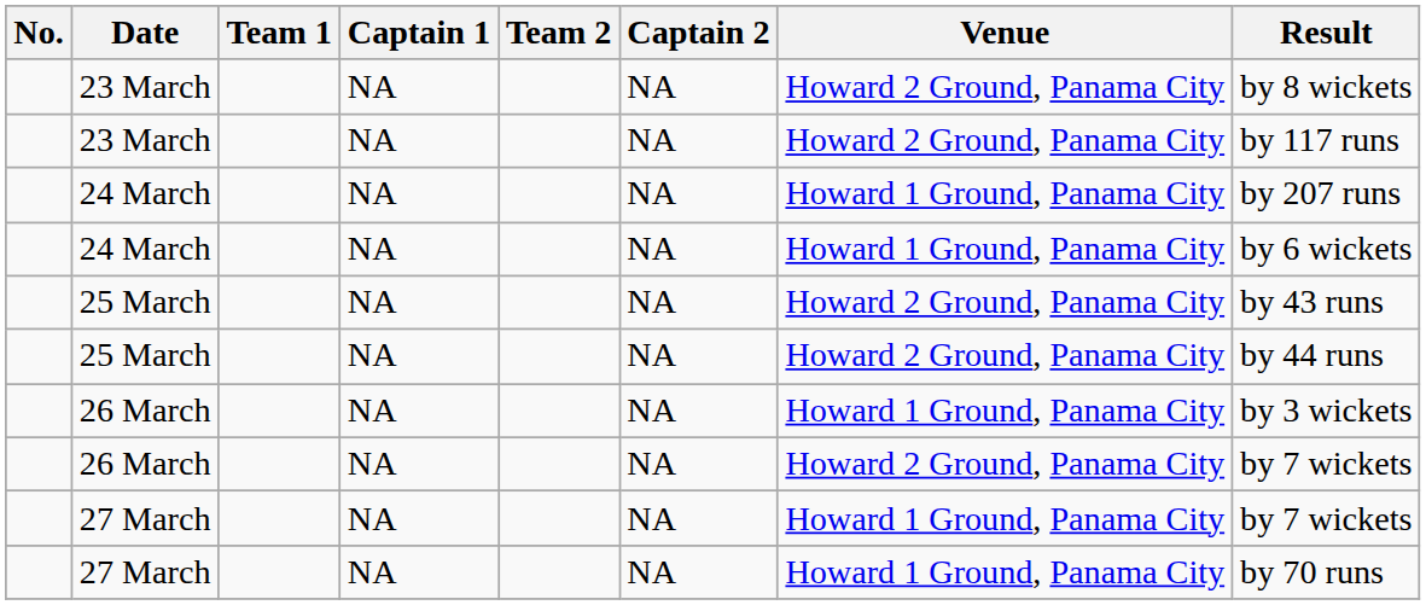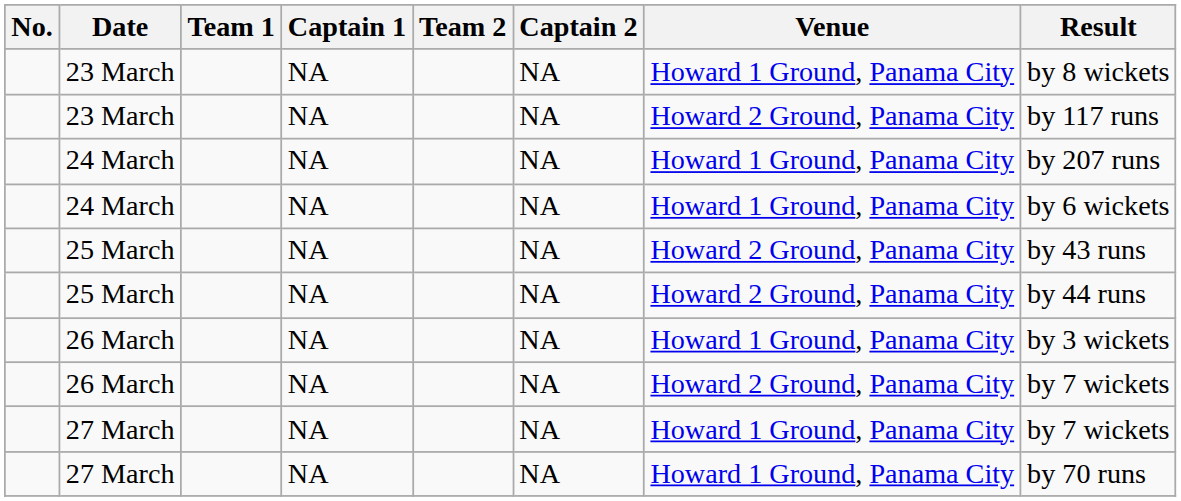 <table class="wikitable">
 <tr>
 <th>No.</th>
 <th>Date</th>
 <th>Team 1</th>
 <th>Captain 1</th>
 <th>Team 2</th>
 <th>Captain 2</th>
 <th>Venue</th>
 <th>Result</th>
 </tr>
 <tr>
 <td></td>
 <td>23 March</td>
 <td></td>
 <td>NA</td>
 <td></td>
 <td>NA</td>
-<td><a href='#'>Howard 2 Ground</a>, <a href='#'>Panama City</a></td>
+<td><a href='#'>Howard 1 Ground</a>, <a href='#'>Panama City</a></td>
 <td> by 8 wickets</td>
 </tr>
 <tr>
 <td></td>
 <td>23 March</td>
 <td></td>
 <td>NA</td>
 <td></td>
 <td>NA</td>
 <td><a href='#'>Howard 2 Ground</a>, <a href='#'>Panama City</a></td>
 <td> by 117 runs</td>
 </tr>
 <tr>
 <td></td>
 <td>24 March</td>
 <td></td>
 <td>NA</td>
 <td></td>
 <td>NA</td>
 <td><a href='#'>Howard 1 Ground</a>, <a href='#'>Panama City</a></td>
 <td> by 207 runs</td>
 </tr>
 <tr>
 <td></td>
 <td>24 March</td>
 <td></td>
 <td>NA</td>
 <td></td>
 <td>NA</td>
 <td><a href='#'>Howard 1 Ground</a>, <a href='#'>Panama City</a></td>
 <td> by 6 wickets</td>
 </tr>
 <tr>
 <td></td>
 <td>25 March</td>
 <td></td>
 <td>NA</td>
 <td></td>
 <td>NA</td>
 <td><a href='#'>Howard 2 Ground</a>, <a href='#'>Panama City</a></td>
 <td> by 43 runs</td>
 </tr>
 <tr>
 <td></td>
 <td>25 March</td>
 <td></td>
 <td>NA</td>
 <td></td>
 <td>NA</td>
 <td><a href='#'>Howard 2 Ground</a>, <a href='#'>Panama City</a></td>
 <td> by 44 runs</td>
 </tr>
 <tr>
 <td></td>
 <td>26 March</td>
 <td></td>
 <td>NA</td>
 <td></td>
 <td>NA</td>
 <td><a href='#'>Howard 1 Ground</a>, <a href='#'>Panama City</a></td>
 <td> by 3 wickets</td>
 </tr>
 <tr>
 <td></td>
 <td>26 March</td>
 <td></td>
 <td>NA</td>
 <td></td>
 <td>NA</td>
 <td><a href='#'>Howard 2 Ground</a>, <a href='#'>Panama City</a></td>
 <td> by 7 wickets</td>
 </tr>
 <tr>
 <td></td>
 <td>27 March</td>
 <td></td>
 <td>NA</td>
 <td></td>
 <td>NA</td>
 <td><a href='#'>Howard 1 Ground</a>, <a href='#'>Panama City</a></td>
 <td> by 7 wickets</td>
 </tr>
 <tr>
 <td></td>
 <td>27 March</td>
 <td></td>
 <td>NA</td>
 <td></td>
 <td>NA</td>
 <td><a href='#'>Howard 1 Ground</a>, <a href='#'>Panama City</a></td>
 <td> by 70 runs</td>
 </tr>
 </table>
